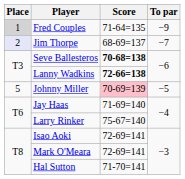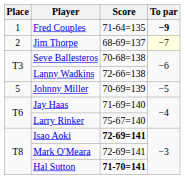 <table class="wikitable">
 <tr>
 <th>Place</th>
 <th>Player</th>
 <th>Score</th>
 <th>To par</th>
 </tr>
 <tr>
-<td align=center style="background: lightgrey;">1</td>
+<td align=center>1</td>
 <td> <a href='#'>Fred Couples</a></td>
 <td align=center>71-64=135</td>
-<td align=center>−9</td>
+<td align=center><strong>−9</strong></td>
 </tr>
 <tr>
-<td align=center style="background: lavender;">2</td>
+<td align=center>2</td>
 <td> <a href='#'>Jim Thorpe</a></td>
 <td align=center>68-69=137</td>
-<td align=center>−7</td>
+<td align=center style="background: lightyellow;">−7</td>
 </tr>
 <tr>
 <td rowspan=2 align=center>T3</td>
 <td> <a href='#'>Seve Ballesteros</a></td>
-<td align=center><strong>70-68=138</strong></td>
+<td align=center>70-68=138</td>
 <td rowspan=2 align=center>−6</td>
 </tr>
 <tr>
 <td> <a href='#'>Lanny Wadkins</a></td>
-<td align=center><strong>72-66=138</strong></td>
+<td align=center>72-66=138</td>
 </tr>
 <tr>
 <td align=center>5</td>
 <td> <a href='#'>Johnny Miller</a></td>
-<td align=center style="background: pink;">70-69=139</td>
+<td align=center>70-69=139</td>
 <td align=center>−5</td>
 </tr>
 <tr>
 <td rowspan=2 align=center>T6</td>
 <td> <a href='#'>Jay Haas</a></td>
 <td align=center>71-69=140</td>
 <td rowspan=2 align=center>−4</td>
 </tr>
 <tr>
 <td> <a href='#'>Larry Rinker</a></td>
 <td align=center>75-67=140</td>
 </tr>
 <tr>
 <td rowspan=3 align=center>T8</td>
 <td> <a href='#'>Isao Aoki</a></td>
-<td align=center>72-69=141</td>
+<td align=center><strong>72-69=141</strong></td>
 <td rowspan=3 align=center>−3</td>
 </tr>
 <tr>
 <td> <a href='#'>Mark O'Meara</a></td>
 <td align=center>72-69=141</td>
 </tr>
 <tr>
 <td> <a href='#'>Hal Sutton</a></td>
-<td align=center>71-70=141</td>
+<td align=center><strong>71-70=141</strong></td>
 </tr>
 </table>
